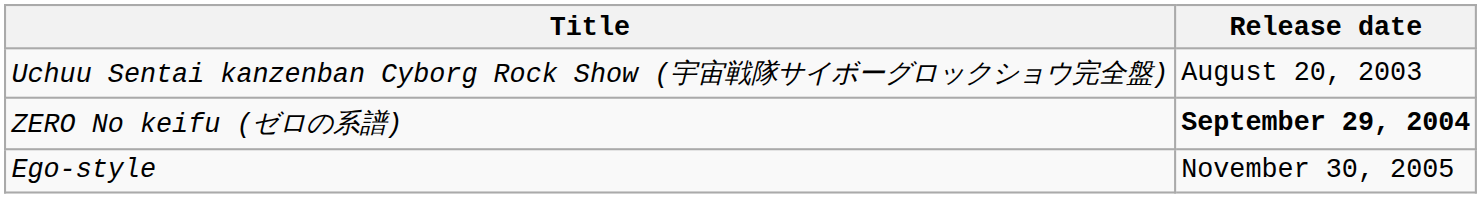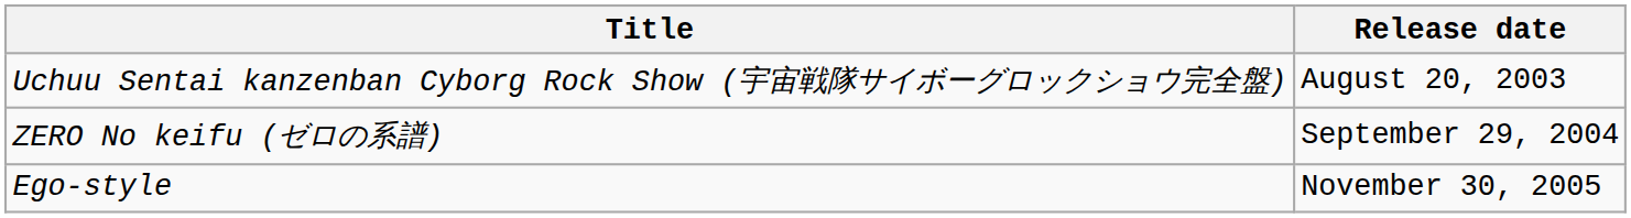 <table class="wikitable">
 <tr>
 <th>Title</th>
 <th>Release date</th>
 </tr>
 <tr>
 <td><em>Uchuu Sentai kanzenban Cyborg Rock Show (宇宙戦隊サイボーグロックショウ完全盤)</em></td>
 <td>August 20, 2003</td>
 </tr>
 <tr>
 <td><em>ZERO No keifu (ゼロの系譜)</em></td>
-<td><strong>September 29, 2004</strong></td>
+<td>September 29, 2004</td>
 </tr>
 <tr>
 <td><em>Ego-style</em></td>
 <td>November 30, 2005</td>
 </tr>
 </table>
